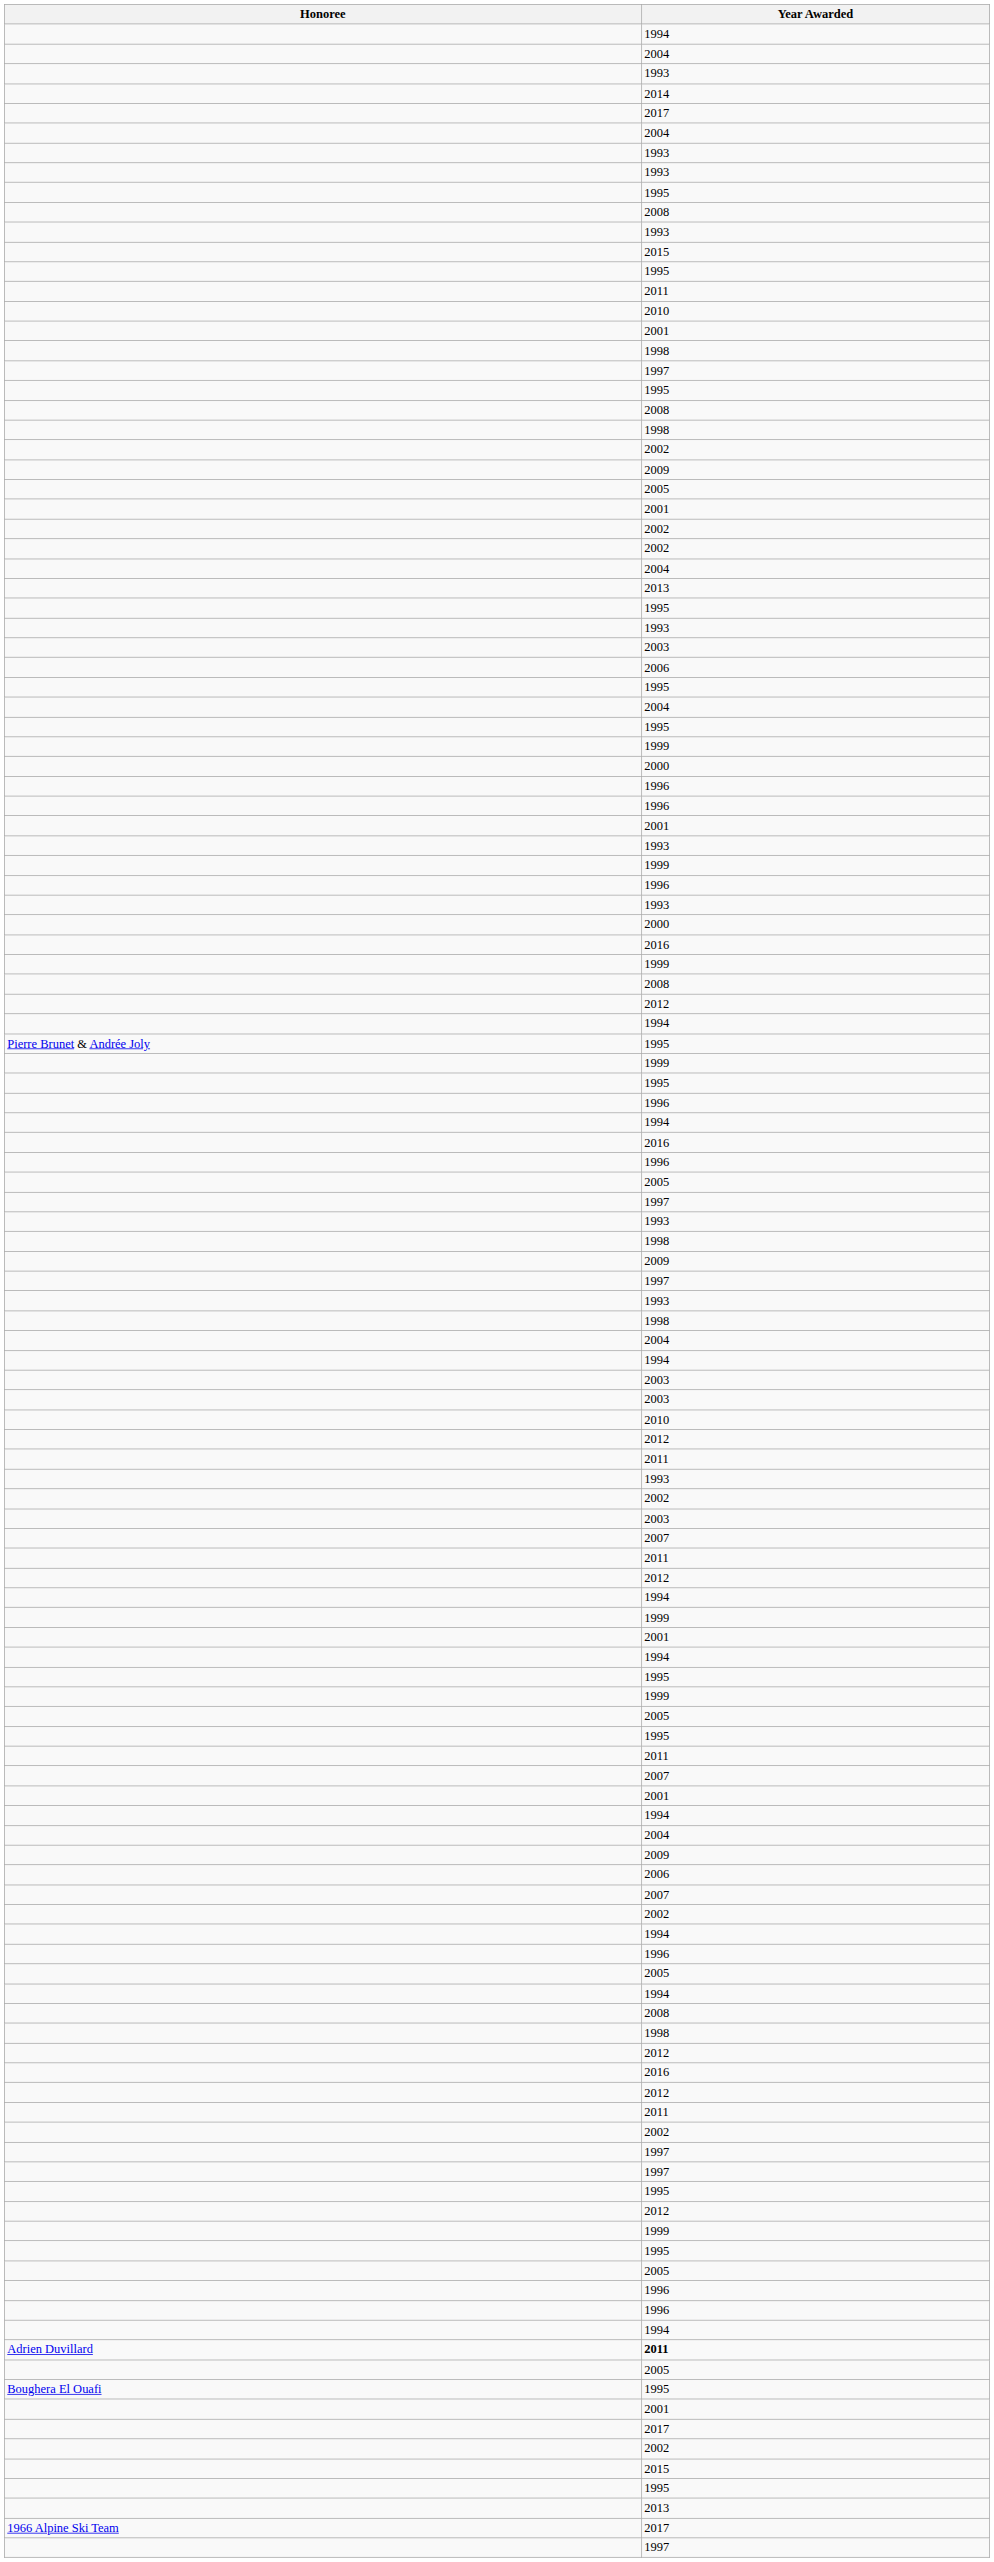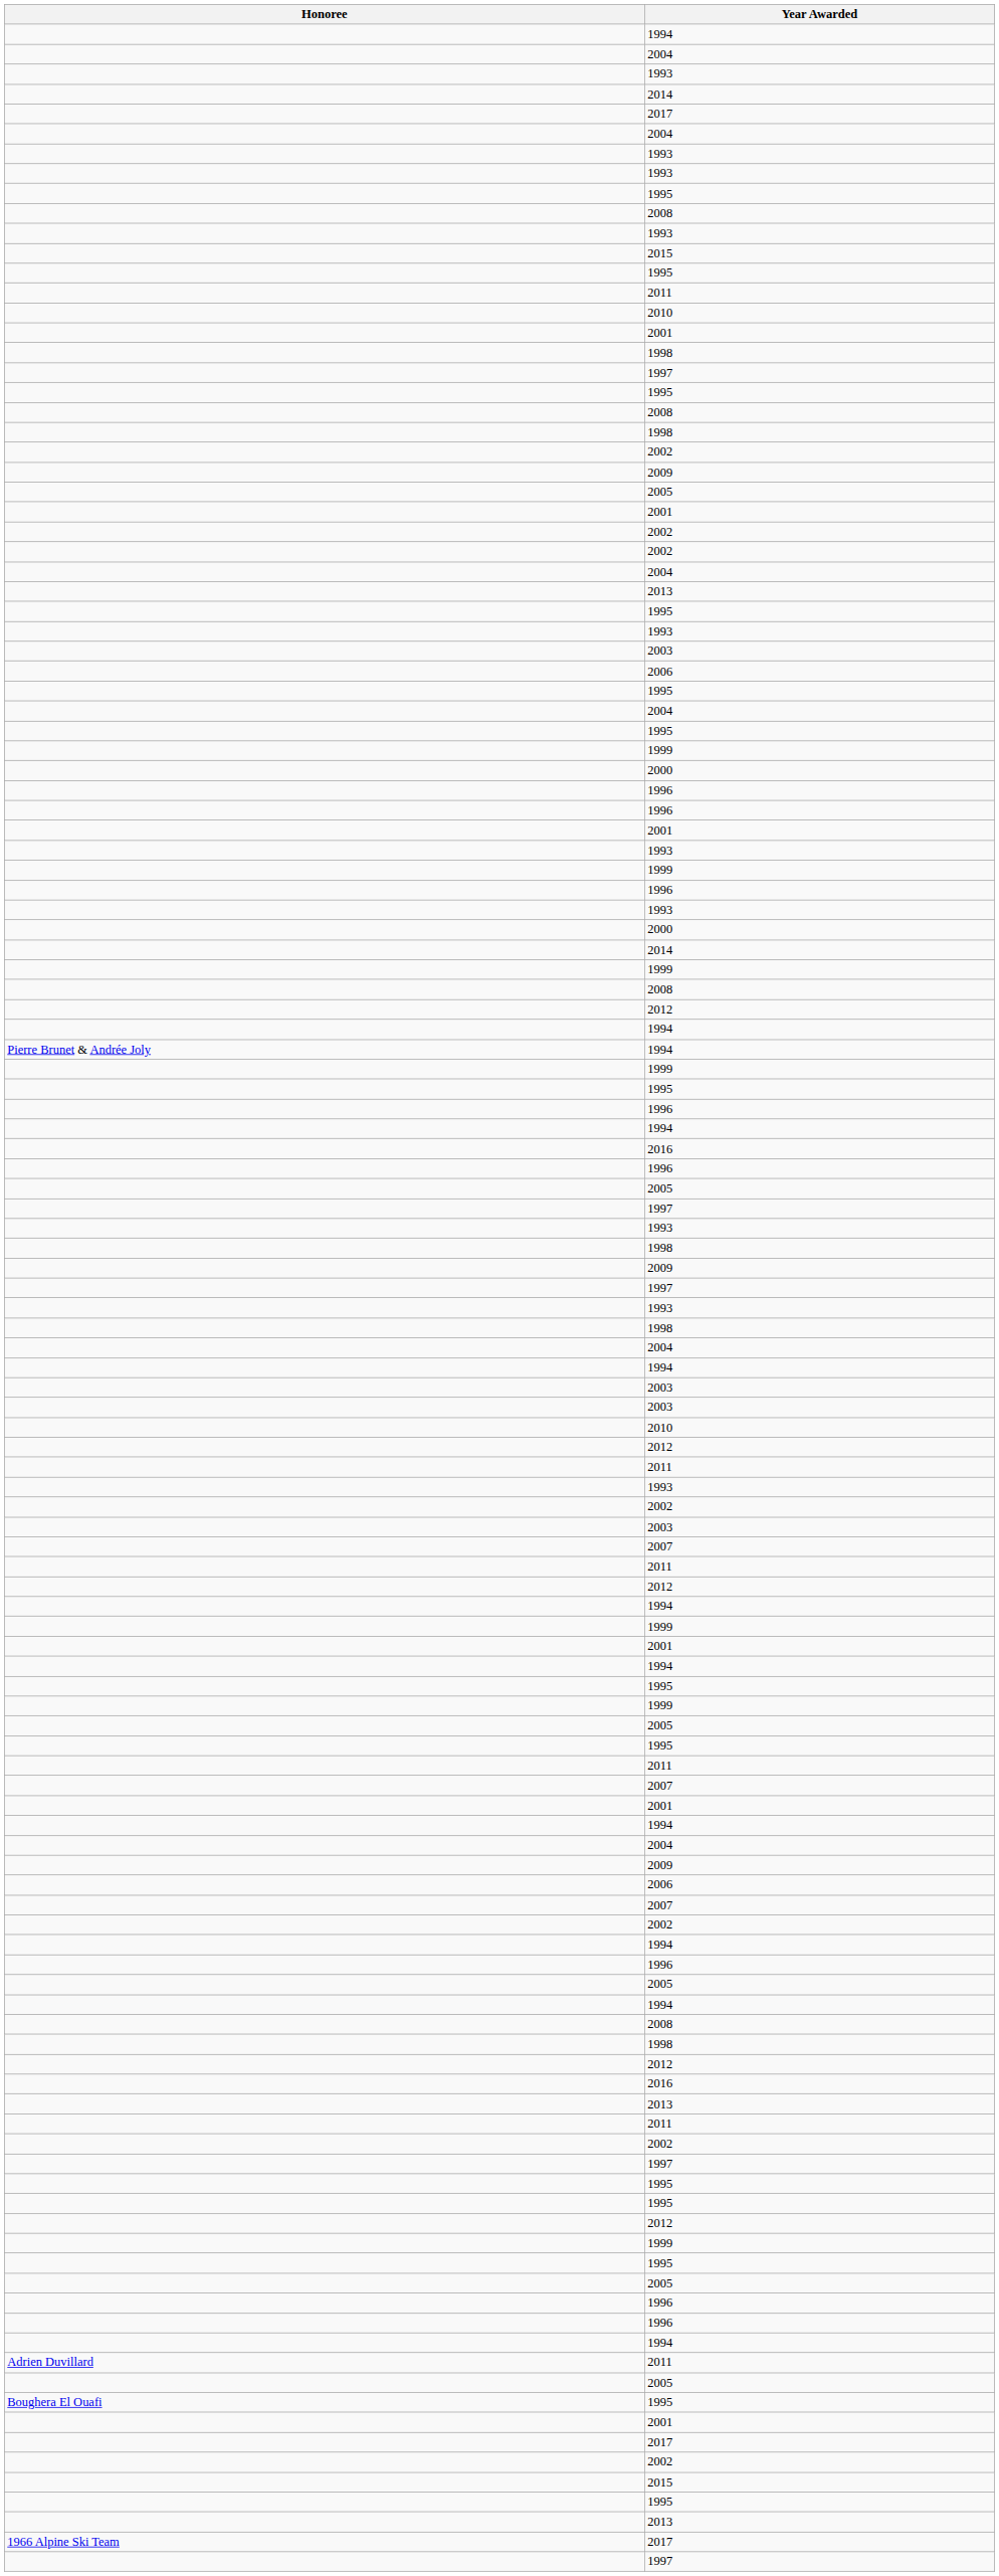 <table class="wikitable sortable" style="width: 100%">
 <tr>
 <th scope="col">Honoree</th>
 <th>Year Awarded</th>
 </tr>
 <tr>
 <td></td>
 <td>1994</td>
 </tr>
 <tr>
 <td></td>
 <td>2004</td>
 </tr>
 <tr>
 <td></td>
 <td>1993</td>
 </tr>
 <tr>
 <td></td>
 <td>2014</td>
 </tr>
 <tr>
 <td></td>
 <td>2017</td>
 </tr>
 <tr>
 <td></td>
 <td>2004</td>
 </tr>
 <tr>
 <td></td>
 <td>1993</td>
 </tr>
 <tr>
 <td></td>
 <td>1993</td>
 </tr>
 <tr>
 <td></td>
 <td>1995</td>
 </tr>
 <tr>
 <td></td>
 <td>2008</td>
 </tr>
 <tr>
 <td></td>
 <td>1993</td>
 </tr>
 <tr>
 <td></td>
 <td>2015</td>
 </tr>
 <tr>
 <td></td>
 <td>1995</td>
 </tr>
 <tr>
 <td></td>
 <td>2011</td>
 </tr>
 <tr>
 <td></td>
 <td>2010</td>
 </tr>
 <tr>
 <td></td>
 <td>2001</td>
 </tr>
 <tr>
 <td></td>
 <td>1998</td>
 </tr>
 <tr>
 <td></td>
 <td>1997</td>
 </tr>
 <tr>
 <td></td>
 <td>1995</td>
 </tr>
 <tr>
 <td></td>
 <td>2008</td>
 </tr>
 <tr>
 <td></td>
 <td>1998</td>
 </tr>
 <tr>
 <td></td>
 <td>2002</td>
 </tr>
 <tr>
 <td></td>
 <td>2009</td>
 </tr>
 <tr>
 <td></td>
 <td>2005</td>
 </tr>
 <tr>
 <td></td>
 <td>2001</td>
 </tr>
 <tr>
 <td></td>
 <td>2002</td>
 </tr>
 <tr>
 <td></td>
 <td>2002</td>
 </tr>
 <tr>
 <td></td>
 <td>2004</td>
 </tr>
 <tr>
 <td></td>
 <td>2013</td>
 </tr>
 <tr>
 <td></td>
 <td>1995</td>
 </tr>
 <tr>
 <td></td>
 <td>1993</td>
 </tr>
 <tr>
 <td></td>
 <td>2003</td>
 </tr>
 <tr>
 <td></td>
 <td>2006</td>
 </tr>
 <tr>
 <td></td>
 <td>1995</td>
 </tr>
 <tr>
 <td></td>
 <td>2004</td>
 </tr>
 <tr>
 <td></td>
 <td>1995</td>
 </tr>
 <tr>
 <td></td>
 <td>1999</td>
 </tr>
 <tr>
 <td></td>
 <td>2000</td>
 </tr>
 <tr>
 <td></td>
 <td>1996</td>
 </tr>
 <tr>
 <td></td>
 <td>1996</td>
 </tr>
 <tr>
 <td></td>
 <td>2001</td>
 </tr>
 <tr>
 <td></td>
 <td>1993</td>
 </tr>
 <tr>
 <td></td>
 <td>1999</td>
 </tr>
 <tr>
 <td></td>
 <td>1996</td>
 </tr>
 <tr>
 <td></td>
 <td>1993</td>
 </tr>
 <tr>
 <td></td>
 <td>2000</td>
 </tr>
 <tr>
 <td></td>
-<td>2016</td>
+<td>2014</td>
 </tr>
 <tr>
 <td></td>
 <td>1999</td>
 </tr>
 <tr>
 <td></td>
 <td>2008</td>
 </tr>
 <tr>
 <td></td>
 <td>2012</td>
 </tr>
 <tr>
 <td></td>
 <td>1994</td>
 </tr>
 <tr>
 <td><a href='#'>Pierre Brunet</a> & <a href='#'>Andrée Joly</a></td>
-<td>1995</td>
+<td>1994</td>
 </tr>
 <tr>
 <td></td>
 <td>1999</td>
 </tr>
 <tr>
 <td></td>
 <td>1995</td>
 </tr>
 <tr>
 <td></td>
 <td>1996</td>
 </tr>
 <tr>
 <td></td>
 <td>1994</td>
 </tr>
 <tr>
 <td></td>
 <td>2016</td>
 </tr>
 <tr>
 <td></td>
 <td>1996</td>
 </tr>
 <tr>
 <td></td>
 <td>2005</td>
 </tr>
 <tr>
 <td></td>
 <td>1997</td>
 </tr>
 <tr>
 <td></td>
 <td>1993</td>
 </tr>
 <tr>
 <td></td>
 <td>1998</td>
 </tr>
 <tr>
 <td></td>
 <td>2009</td>
 </tr>
 <tr>
 <td></td>
 <td>1997</td>
 </tr>
 <tr>
 <td></td>
 <td>1993</td>
 </tr>
 <tr>
 <td></td>
 <td>1998</td>
 </tr>
 <tr>
 <td></td>
 <td>2004</td>
 </tr>
 <tr>
 <td></td>
 <td>1994</td>
 </tr>
 <tr>
 <td></td>
 <td>2003</td>
 </tr>
 <tr>
 <td></td>
 <td>2003</td>
 </tr>
 <tr>
 <td></td>
 <td>2010</td>
 </tr>
 <tr>
 <td></td>
 <td>2012</td>
 </tr>
 <tr>
 <td></td>
 <td>2011</td>
 </tr>
 <tr>
 <td></td>
 <td>1993</td>
 </tr>
 <tr>
 <td></td>
 <td>2002</td>
 </tr>
 <tr>
 <td></td>
 <td>2003</td>
 </tr>
 <tr>
 <td></td>
 <td>2007</td>
 </tr>
 <tr>
 <td></td>
 <td>2011</td>
 </tr>
 <tr>
 <td></td>
 <td>2012</td>
 </tr>
 <tr>
 <td></td>
 <td>1994</td>
 </tr>
 <tr>
 <td></td>
 <td>1999</td>
 </tr>
 <tr>
 <td></td>
 <td>2001</td>
 </tr>
 <tr>
 <td></td>
 <td>1994</td>
 </tr>
 <tr>
 <td></td>
 <td>1995</td>
 </tr>
 <tr>
 <td></td>
 <td>1999</td>
 </tr>
 <tr>
 <td></td>
 <td>2005</td>
 </tr>
 <tr>
 <td></td>
 <td>1995</td>
 </tr>
 <tr>
 <td></td>
 <td>2011</td>
 </tr>
 <tr>
 <td></td>
 <td>2007</td>
 </tr>
 <tr>
 <td></td>
 <td>2001</td>
 </tr>
 <tr>
 <td></td>
 <td>1994</td>
 </tr>
 <tr>
 <td></td>
 <td>2004</td>
 </tr>
 <tr>
 <td></td>
 <td>2009</td>
 </tr>
 <tr>
 <td></td>
 <td>2006</td>
 </tr>
 <tr>
 <td></td>
 <td>2007</td>
 </tr>
 <tr>
 <td></td>
 <td>2002</td>
 </tr>
 <tr>
 <td></td>
 <td>1994</td>
 </tr>
 <tr>
 <td></td>
 <td>1996</td>
 </tr>
 <tr>
 <td></td>
 <td>2005</td>
 </tr>
 <tr>
 <td></td>
 <td>1994</td>
 </tr>
 <tr>
 <td></td>
 <td>2008</td>
 </tr>
 <tr>
 <td></td>
 <td>1998</td>
 </tr>
 <tr>
 <td></td>
 <td>2012</td>
 </tr>
 <tr>
 <td></td>
 <td>2016</td>
 </tr>
 <tr>
 <td></td>
-<td>2012</td>
+<td>2013</td>
 </tr>
 <tr>
 <td></td>
 <td>2011</td>
 </tr>
 <tr>
 <td></td>
 <td>2002</td>
 </tr>
 <tr>
 <td></td>
 <td>1997</td>
 </tr>
 <tr>
 <td></td>
-<td>1997</td>
+<td>1995</td>
 </tr>
 <tr>
 <td></td>
 <td>1995</td>
 </tr>
 <tr>
 <td></td>
 <td>2012</td>
 </tr>
 <tr>
 <td></td>
 <td>1999</td>
 </tr>
 <tr>
 <td></td>
 <td>1995</td>
 </tr>
 <tr>
 <td></td>
 <td>2005</td>
 </tr>
 <tr>
 <td></td>
 <td>1996</td>
 </tr>
 <tr>
 <td></td>
 <td>1996</td>
 </tr>
 <tr>
 <td></td>
 <td>1994</td>
 </tr>
 <tr>
 <td><a href='#'>Adrien Duvillard</a></td>
-<td><strong>2011</strong></td>
+<td>2011</td>
 </tr>
 <tr>
 <td></td>
 <td>2005</td>
 </tr>
 <tr>
 <td><a href='#'>Boughera El Ouafi</a></td>
 <td>1995</td>
 </tr>
 <tr>
 <td></td>
 <td>2001</td>
 </tr>
 <tr>
 <td></td>
 <td>2017</td>
 </tr>
 <tr>
 <td></td>
 <td>2002</td>
 </tr>
 <tr>
 <td></td>
 <td>2015</td>
 </tr>
 <tr>
 <td></td>
 <td>1995</td>
 </tr>
 <tr>
 <td></td>
 <td>2013</td>
 </tr>
 <tr>
 <td><a href='#'>1966 Alpine Ski Team</a></td>
 <td>2017</td>
 </tr>
 <tr>
 <td></td>
 <td>1997</td>
 </tr>
 </table>
